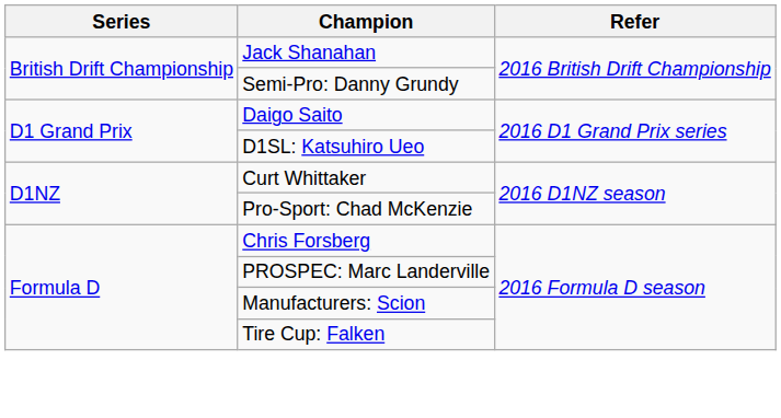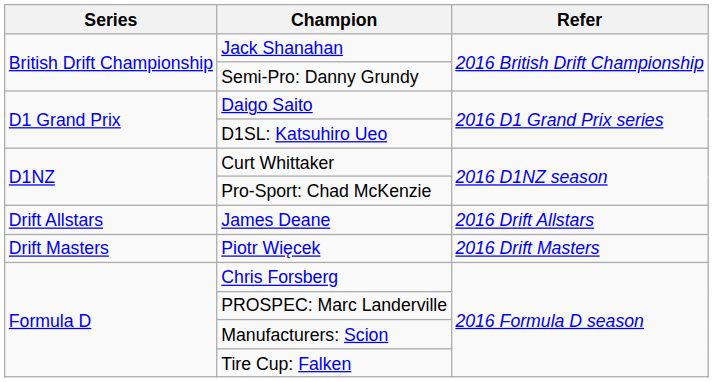 <table class="wikitable" style="font-size:87%;">
 <tr>
 <th>Series</th>
 <th>Champion</th>
 <th>Refer</th>
 </tr>
 <tr>
 <td rowspan=2><a href='#'>British Drift Championship</a></td>
 <td> <a href='#'>Jack Shanahan</a></td>
 <td rowspan=2><em><a href='#'>2016 British Drift Championship</a></em></td>
 </tr>
 <tr>
 <td>Semi-Pro:  Danny Grundy</td>
 </tr>
 <tr>
 <td rowspan=2><a href='#'>D1 Grand Prix</a></td>
 <td> <a href='#'>Daigo Saito</a></td>
 <td rowspan=2><em><a href='#'>2016 D1 Grand Prix series</a></em></td>
 </tr>
 <tr>
 <td>D1SL:  <a href='#'>Katsuhiro Ueo</a></td>
 </tr>
 <tr>
 <td rowspan=2><a href='#'>D1NZ</a></td>
 <td> Curt Whittaker</td>
 <td rowspan=2><em><a href='#'>2016 D1NZ season</a></em></td>
 </tr>
 <tr>
 <td>Pro-Sport:  Chad McKenzie</td>
 </tr>
 <tr>
+<td><a href='#'>Drift Allstars</a></td>
+<td> <a href='#'>James Deane</a></td>
+<td><em><a href='#'>2016 Drift Allstars</a></em></td>
+</tr>
+<tr>
+<td><a href='#'>Drift Masters</a></td>
+<td> <a href='#'>Piotr Więcek</a></td>
+<td><em><a href='#'>2016 Drift Masters</a></em></td>
+</tr>
+<tr>
 <td rowspan=4><a href='#'>Formula D</a></td>
 <td> <a href='#'>Chris Forsberg</a></td>
 <td rowspan=4><em><a href='#'>2016 Formula D season</a></em></td>
 </tr>
 <tr>
 <td>PROSPEC:  Marc Landerville</td>
 </tr>
 <tr>
 <td>Manufacturers:  <a href='#'>Scion</a></td>
 </tr>
 <tr>
 <td>Tire Cup:  <a href='#'>Falken</a></td>
 </tr>
 </table>
